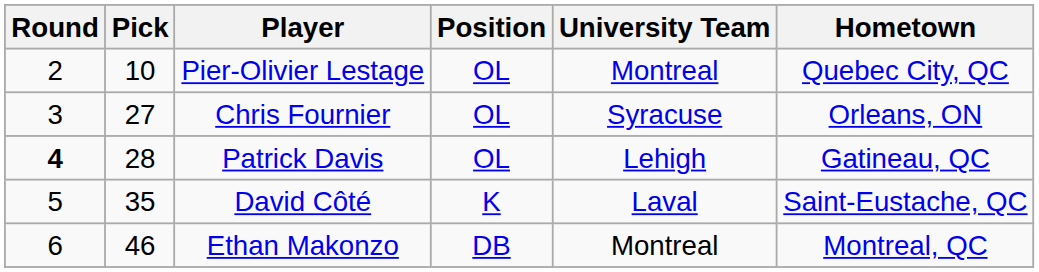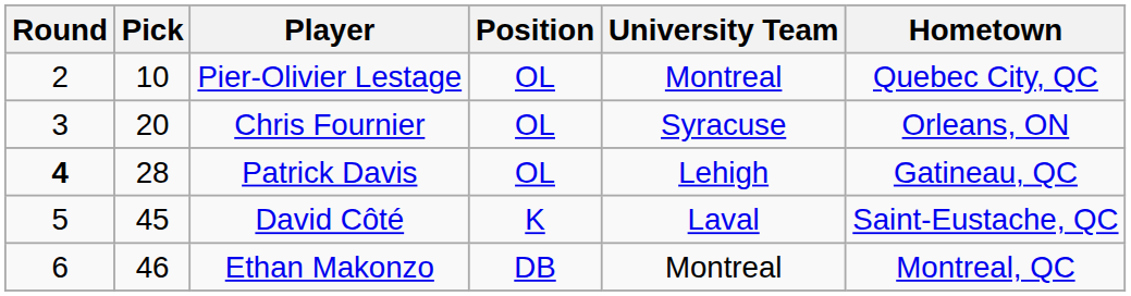 <table class="wikitable" style="font-size: 95%;">
 <tr>
 <th scope="col">Round</th>
 <th scope="col">Pick</th>
 <th scope="col">Player</th>
 <th scope="col">Position</th>
 <th scope="col">University Team</th>
 <th scope="col">Hometown</th>
 </tr>
 <tr align="center">
 <td align=center>2</td>
 <td>10</td>
 <td><a href='#'>Pier-Olivier Lestage</a></td>
 <td><a href='#'>OL</a></td>
 <td><a href='#'>Montreal</a></td>
 <td><a href='#'>Quebec City, QC</a></td>
 </tr>
 <tr align="center">
 <td align=center>3</td>
-<td>27</td>
+<td>20</td>
 <td><a href='#'>Chris Fournier</a></td>
 <td><a href='#'>OL</a></td>
 <td><a href='#'>Syracuse</a></td>
 <td><a href='#'>Orleans, ON</a></td>
 </tr>
 <tr align="center">
 <td align=center><strong>4</strong></td>
 <td>28</td>
 <td><a href='#'>Patrick Davis</a></td>
 <td><a href='#'>OL</a></td>
 <td><a href='#'>Lehigh</a></td>
 <td><a href='#'>Gatineau, QC</a></td>
 </tr>
 <tr align="center">
 <td align=center>5</td>
-<td>35</td>
+<td>45</td>
 <td><a href='#'>David Côté</a></td>
 <td><a href='#'>K</a></td>
 <td><a href='#'>Laval</a></td>
 <td><a href='#'>Saint-Eustache, QC</a></td>
 </tr>
 <tr align="center">
 <td align=center>6</td>
 <td>46</td>
 <td><a href='#'>Ethan Makonzo</a></td>
 <td><a href='#'>DB</a></td>
 <td>Montreal</td>
 <td><a href='#'>Montreal, QC</a></td>
 </tr>
 </table>
